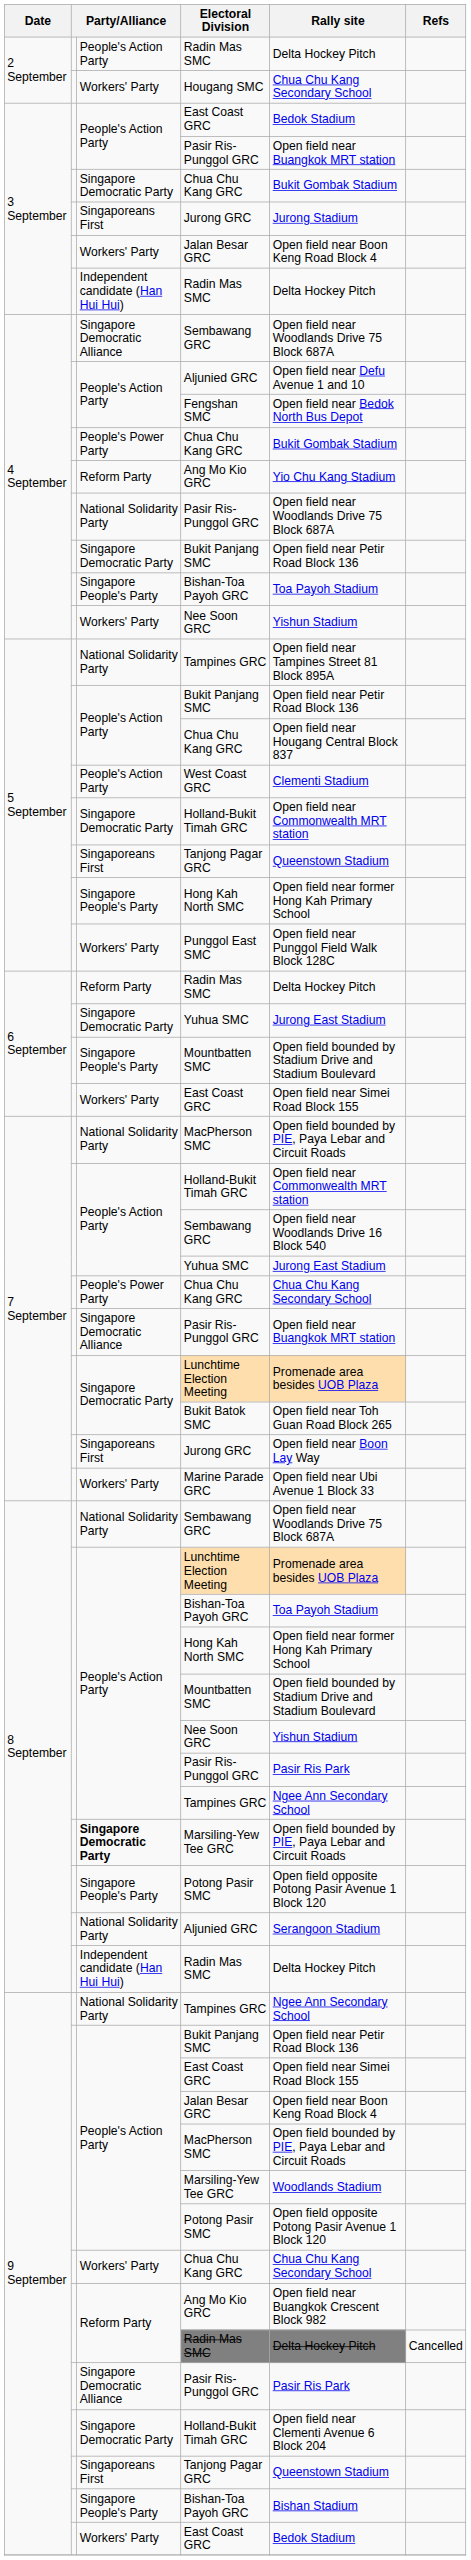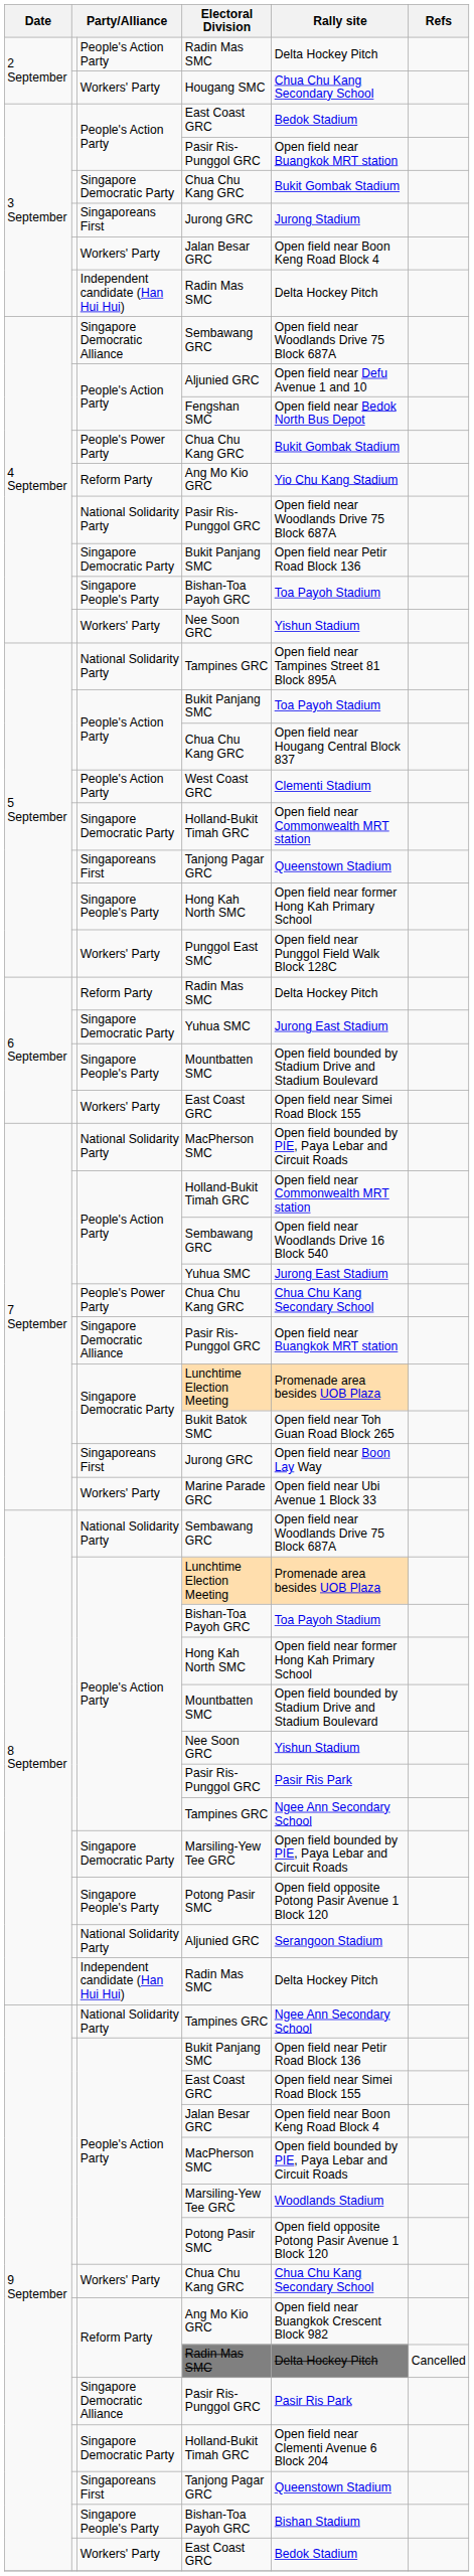 <table class="wikitable">
 <tr>
 <th>Date</th>
 <th colspan="2">Party/Alliance</th>
 <th>Electoral Division</th>
 <th>Rally site</th>
 <th>Refs</th>
 </tr>
 <tr>
 <td rowspan="2">2 September</td>
 <td style="background: "></td>
 <td>People's Action Party</td>
 <td>Radin Mas SMC</td>
 <td>Delta Hockey Pitch</td>
 <td></td>
 </tr>
 <tr>
 <td style="background: "></td>
 <td>Workers' Party</td>
 <td>Hougang SMC</td>
 <td><a href='#'>Chua Chu Kang Secondary School</a></td>
 <td></td>
 </tr>
 <tr>
 <td rowspan="6">3 September</td>
 <td rowspan="2" style="background: "></td>
 <td rowspan="2">People's Action Party</td>
 <td>East Coast GRC</td>
 <td><a href='#'>Bedok Stadium</a></td>
 </tr>
 <tr>
 <td>Pasir Ris-Punggol GRC</td>
 <td>Open field near <a href='#'>Buangkok MRT station</a></td>
 <td></td>
 </tr>
 <tr>
 <td style="background: "></td>
 <td>Singapore Democratic Party</td>
 <td>Chua Chu Kang GRC</td>
 <td><a href='#'>Bukit Gombak Stadium</a></td>
 <td></td>
 </tr>
 <tr>
 <td style="background: "></td>
 <td>Singaporeans First</td>
 <td>Jurong GRC</td>
 <td><a href='#'>Jurong Stadium</a></td>
 <td></td>
 </tr>
 <tr>
 <td style="background: "></td>
 <td>Workers' Party</td>
 <td>Jalan Besar GRC</td>
 <td>Open field near Boon Keng Road Block 4</td>
 <td></td>
 </tr>
 <tr>
 <td style="background: "></td>
 <td>Independent candidate (<a href='#'>Han Hui Hui</a>)</td>
 <td>Radin Mas SMC</td>
 <td>Delta Hockey Pitch</td>
 <td></td>
 </tr>
 <tr>
 <td rowspan="9">4 September</td>
 <td style="background: "></td>
 <td>Singapore Democratic Alliance</td>
 <td>Sembawang GRC</td>
 <td>Open field near Woodlands Drive 75 Block 687A</td>
 <td></td>
 </tr>
 <tr>
 <td rowspan="2" style="background: "></td>
 <td rowspan="2">People's Action Party</td>
 <td>Aljunied GRC</td>
 <td>Open field near <a href='#'>Defu</a> Avenue 1 and 10</td>
 <td></td>
 </tr>
 <tr>
 <td>Fengshan SMC</td>
 <td>Open field near <a href='#'>Bedok North Bus Depot</a></td>
 <td></td>
 </tr>
 <tr>
 <td style="background: "></td>
 <td>People's Power Party</td>
 <td>Chua Chu Kang GRC</td>
 <td><a href='#'>Bukit Gombak Stadium</a></td>
 <td></td>
 </tr>
 <tr>
 <td style="background: "></td>
 <td>Reform Party</td>
 <td>Ang Mo Kio GRC</td>
 <td><a href='#'>Yio Chu Kang Stadium</a></td>
 <td></td>
 </tr>
 <tr>
 <td style="background: "></td>
 <td>National Solidarity Party</td>
 <td>Pasir Ris-Punggol GRC</td>
 <td>Open field near Woodlands Drive 75 Block 687A</td>
 <td></td>
 </tr>
 <tr>
 <td style="background: "></td>
 <td>Singapore Democratic Party</td>
 <td>Bukit Panjang SMC</td>
 <td>Open field near Petir Road Block 136</td>
 <td></td>
 </tr>
 <tr>
 <td style="background: "></td>
 <td>Singapore People's Party</td>
 <td>Bishan-Toa Payoh GRC</td>
 <td><a href='#'>Toa Payoh Stadium</a></td>
 <td></td>
 </tr>
 <tr>
 <td style="background: "></td>
 <td>Workers' Party</td>
 <td>Nee Soon GRC</td>
 <td><a href='#'>Yishun Stadium</a></td>
 <td></td>
 </tr>
 <tr>
 <td rowspan="8">5 September</td>
 <td style="background: "></td>
 <td>National Solidarity Party</td>
 <td>Tampines GRC</td>
 <td>Open field near Tampines Street 81 Block 895A</td>
 <td></td>
 </tr>
 <tr>
 <td rowspan="2" style="background: "></td>
 <td rowspan="2">People's Action Party</td>
 <td>Bukit Panjang SMC</td>
-<td>Open field near Petir Road Block 136</td>
+<td><a href='#'>Toa Payoh Stadium</a></td>
 <td></td>
 </tr>
 <tr>
 <td>Chua Chu Kang GRC</td>
 <td>Open field near Hougang Central Block 837</td>
 <td></td>
 </tr>
 <tr>
 <td style="background: "></td>
 <td>People's Action Party</td>
 <td>West Coast GRC</td>
 <td><a href='#'>Clementi Stadium</a></td>
 <td></td>
 </tr>
 <tr>
 <td style="background: "></td>
 <td>Singapore Democratic Party</td>
 <td>Holland-Bukit Timah GRC</td>
 <td>Open field near <a href='#'>Commonwealth MRT station</a></td>
 <td></td>
 </tr>
 <tr>
 <td style="background: "></td>
 <td>Singaporeans First</td>
 <td>Tanjong Pagar GRC</td>
 <td><a href='#'>Queenstown Stadium</a></td>
 <td></td>
 </tr>
 <tr>
 <td style="background: "></td>
 <td>Singapore People's Party</td>
 <td>Hong Kah North SMC</td>
 <td>Open field near former Hong Kah Primary School</td>
 <td></td>
 </tr>
 <tr>
 <td style="background: "></td>
 <td>Workers' Party</td>
 <td>Punggol East SMC</td>
 <td>Open field near Punggol Field Walk Block 128C</td>
 <td></td>
 </tr>
 <tr>
 <td rowspan="4">6 September</td>
 <td style="background: "></td>
 <td>Reform Party</td>
 <td>Radin Mas SMC</td>
 <td>Delta Hockey Pitch</td>
 <td></td>
 </tr>
 <tr>
 <td style="background: "></td>
 <td>Singapore Democratic Party</td>
 <td>Yuhua SMC</td>
 <td><a href='#'>Jurong East Stadium</a></td>
 <td></td>
 </tr>
 <tr>
 <td style="background: "></td>
 <td>Singapore People's Party</td>
 <td>Mountbatten SMC</td>
 <td>Open field bounded by Stadium Drive and Stadium Boulevard</td>
 <td></td>
 </tr>
 <tr>
 <td style="background: "></td>
 <td>Workers' Party</td>
 <td>East Coast GRC</td>
 <td>Open field near Simei Road Block 155</td>
 <td></td>
 </tr>
 <tr>
 <td rowspan="10">7 September</td>
 <td style="background: "></td>
 <td>National Solidarity Party</td>
 <td>MacPherson SMC</td>
 <td>Open field bounded by <a href='#'>PIE</a>, Paya Lebar and Circuit Roads</td>
 <td></td>
 </tr>
 <tr>
 <td rowspan="3" style="background: "></td>
 <td rowspan="3">People's Action Party</td>
 <td>Holland-Bukit Timah GRC</td>
 <td>Open field near <a href='#'>Commonwealth MRT station</a></td>
 <td></td>
 </tr>
 <tr>
 <td>Sembawang GRC</td>
 <td>Open field near Woodlands Drive 16 Block 540</td>
 <td></td>
 </tr>
 <tr>
 <td>Yuhua SMC</td>
 <td><a href='#'>Jurong East Stadium</a></td>
 <td></td>
 </tr>
 <tr>
 <td style="background: "></td>
 <td>People's Power Party</td>
 <td>Chua Chu Kang GRC</td>
 <td><a href='#'>Chua Chu Kang Secondary School</a></td>
 <td></td>
 </tr>
 <tr>
 <td style="background: "></td>
 <td>Singapore Democratic Alliance</td>
 <td>Pasir Ris-Punggol GRC</td>
 <td>Open field near <a href='#'>Buangkok MRT station</a></td>
 <td></td>
 </tr>
 <tr>
 <td rowspan=2 style="background: "></td>
 <td rowspan=2>Singapore Democratic Party</td>
 <td style="background:navajowhite;">Lunchtime Election Meeting</td>
 <td style="background:navajowhite;">Promenade area besides <a href='#'>UOB Plaza</a></td>
 <td></td>
 </tr>
 <tr>
 <td>Bukit Batok SMC</td>
 <td>Open field near Toh Guan Road Block 265</td>
 <td></td>
 </tr>
 <tr>
 <td style="background: "></td>
 <td>Singaporeans First</td>
 <td>Jurong GRC</td>
 <td>Open field near <a href='#'>Boon Lay</a> Way</td>
 <td></td>
 </tr>
 <tr>
 <td style="background: "></td>
 <td>Workers' Party</td>
 <td>Marine Parade GRC</td>
 <td>Open field near Ubi Avenue 1 Block 33</td>
 <td></td>
 </tr>
 <tr>
 <td rowspan="12">8 September</td>
 <td style="background: "></td>
 <td>National Solidarity Party</td>
 <td>Sembawang GRC</td>
 <td>Open field near Woodlands Drive 75 Block 687A</td>
 <td></td>
 </tr>
 <tr>
 <td rowspan="7" style="background: "></td>
 <td rowspan="7">People's Action Party</td>
 <td style="background:navajowhite;">Lunchtime Election Meeting</td>
 <td style="background:navajowhite;">Promenade area besides <a href='#'>UOB Plaza</a></td>
 <td></td>
 </tr>
 <tr>
 <td>Bishan-Toa Payoh GRC</td>
 <td><a href='#'>Toa Payoh Stadium</a></td>
 <td></td>
 </tr>
 <tr>
 <td>Hong Kah North SMC</td>
 <td>Open field near former Hong Kah Primary School</td>
 <td></td>
 </tr>
 <tr>
 <td>Mountbatten SMC</td>
 <td>Open field bounded by Stadium Drive and Stadium Boulevard</td>
 <td></td>
 </tr>
 <tr>
 <td>Nee Soon GRC</td>
 <td><a href='#'>Yishun Stadium</a></td>
 <td></td>
 </tr>
 <tr>
 <td>Pasir Ris-Punggol GRC</td>
 <td><a href='#'>Pasir Ris Park</a></td>
 <td></td>
 </tr>
 <tr>
 <td>Tampines GRC</td>
 <td><a href='#'>Ngee Ann Secondary School</a></td>
 <td></td>
 </tr>
 <tr>
 <td style="background: "></td>
-<td><strong>Singapore Democratic Party</strong></td>
+<td>Singapore Democratic Party</td>
 <td>Marsiling-Yew Tee GRC</td>
 <td>Open field bounded by <a href='#'>PIE</a>, Paya Lebar and Circuit Roads</td>
 <td></td>
 </tr>
 <tr>
 <td style="background: "></td>
 <td>Singapore People's Party</td>
 <td>Potong Pasir SMC</td>
 <td>Open field opposite Potong Pasir Avenue 1 Block 120</td>
 <td></td>
 </tr>
 <tr>
 <td style="background: "></td>
 <td>National Solidarity Party</td>
 <td>Aljunied GRC</td>
 <td><a href='#'>Serangoon Stadium</a></td>
 <td></td>
 </tr>
 <tr>
 <td style="background: "></td>
 <td>Independent candidate (<a href='#'>Han Hui Hui</a>)</td>
 <td>Radin Mas SMC</td>
 <td>Delta Hockey Pitch</td>
 <td></td>
 </tr>
 <tr>
 <td rowspan="15">9 September</td>
 <td style="background: "></td>
 <td>National Solidarity Party</td>
 <td>Tampines GRC</td>
 <td><a href='#'>Ngee Ann Secondary School</a></td>
 <td></td>
 </tr>
 <tr>
 <td rowspan="6" style="background: "></td>
 <td rowspan="6">People's Action Party</td>
 <td>Bukit Panjang SMC</td>
 <td>Open field near Petir Road Block 136</td>
 <td></td>
 </tr>
 <tr>
 <td>East Coast GRC</td>
 <td>Open field near Simei Road Block 155</td>
 <td></td>
 </tr>
 <tr>
 <td>Jalan Besar GRC</td>
 <td>Open field near Boon Keng Road Block 4</td>
 <td></td>
 </tr>
 <tr>
 <td>MacPherson SMC</td>
 <td>Open field bounded by <a href='#'>PIE</a>, Paya Lebar and Circuit Roads</td>
 <td></td>
 </tr>
 <tr>
 <td>Marsiling-Yew Tee GRC</td>
 <td><a href='#'>Woodlands Stadium</a></td>
 <td></td>
 </tr>
 <tr>
 <td>Potong Pasir SMC</td>
 <td>Open field opposite Potong Pasir Avenue 1 Block 120</td>
 <td></td>
 </tr>
 <tr>
 <td style="background: "></td>
 <td>Workers' Party</td>
 <td>Chua Chu Kang GRC</td>
 <td><a href='#'>Chua Chu Kang Secondary School</a></td>
 <td></td>
 </tr>
 <tr>
 <td rowspan=2 style="background: "></td>
 <td rowspan=2>Reform Party</td>
 <td>Ang Mo Kio GRC</td>
 <td>Open field near Buangkok Crescent Block 982</td>
 <td></td>
 </tr>
 <tr>
 <td style="background:grey;"><s>Radin Mas SMC</s></td>
 <td style="background:grey;"><s>Delta Hockey Pitch</s></td>
 <td>Cancelled</td>
 </tr>
 <tr>
 <td style="background: "></td>
 <td>Singapore Democratic Alliance</td>
 <td>Pasir Ris-Punggol GRC</td>
 <td><a href='#'>Pasir Ris Park</a></td>
 <td></td>
 </tr>
 <tr>
 <td style="background: "></td>
 <td>Singapore Democratic Party</td>
 <td>Holland-Bukit Timah GRC</td>
 <td>Open field near Clementi Avenue 6 Block 204</td>
 <td></td>
 </tr>
 <tr>
 <td style="background: "></td>
 <td>Singaporeans First</td>
 <td>Tanjong Pagar GRC</td>
 <td><a href='#'>Queenstown Stadium</a></td>
 <td></td>
 </tr>
 <tr>
 <td style="background: "></td>
 <td>Singapore People's Party</td>
 <td>Bishan-Toa Payoh GRC</td>
 <td><a href='#'>Bishan Stadium</a></td>
 <td></td>
 </tr>
 <tr>
 <td style="background: "></td>
 <td>Workers' Party</td>
 <td>East Coast GRC</td>
 <td><a href='#'>Bedok Stadium</a></td>
 <td></td>
 </tr>
 <tr>
 </tr>
 </table>
